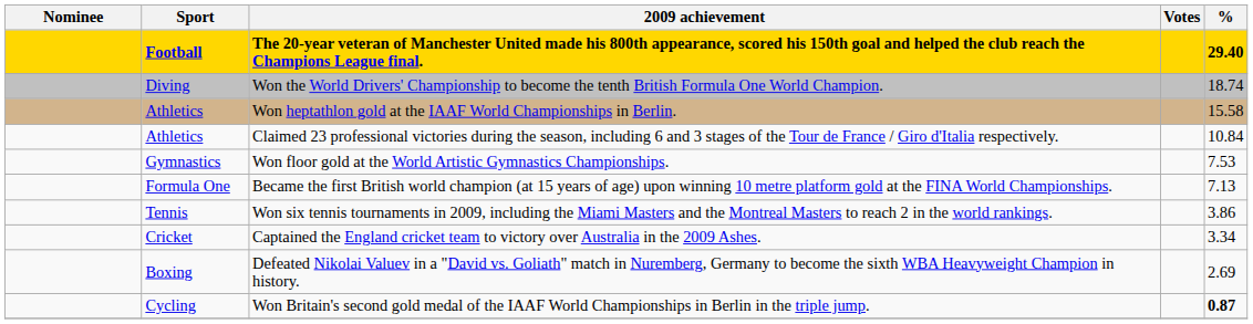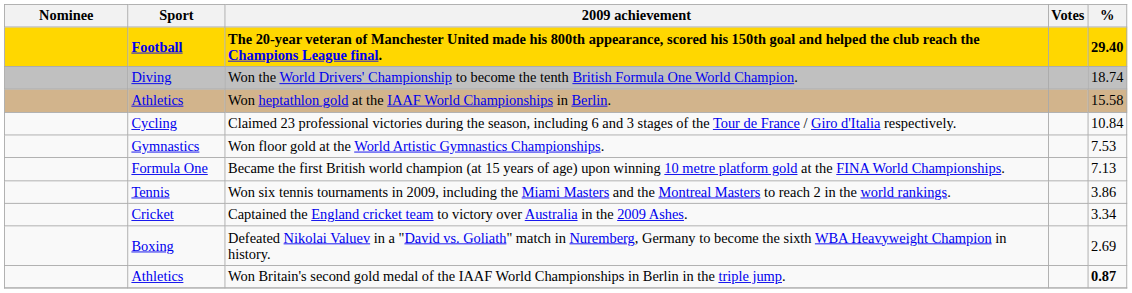 <table class="wikitable sortable">
 <tr>
 <th scope="col" width="130">Nominee</th>
 <th scope="col" width="100">Sport</th>
 <th scope="col" class="unsortable">2009 achievement</th>
 <th scope="col">Votes</th>
 <th scope="col">%</th>
 </tr>
 <tr style="font-weight:bold; background:gold;">
 <td></td>
 <td><a href='#'>Football</a></td>
 <td>The 20-year veteran of <strong>Manchester United</strong> made his 800th appearance, scored his 150th goal and helped the club reach the <a href='#'>Champions League final</a>.</td>
 <td></td>
 <td>29.40</td>
 </tr>
 <tr style="background:silver;">
 <td></td>
 <td><a href='#'>Diving</a></td>
 <td>Won the <a href='#'>World Drivers' Championship</a> to become the tenth <a href='#'>British Formula One World Champion</a>.</td>
 <td></td>
 <td>18.74</td>
 </tr>
 <tr style="background:tan;">
 <td></td>
 <td><a href='#'>Athletics</a></td>
 <td>Won <a href='#'>heptathlon gold</a> at the <a href='#'>IAAF World Championships</a> in <a href='#'>Berlin</a>.</td>
 <td></td>
 <td>15.58</td>
 </tr>
 <tr>
 <td></td>
-<td><a href='#'>Athletics</a></td>
+<td><a href='#'>Cycling</a></td>
 <td>Claimed 23 professional victories during the season, including 6 and 3 stages of the <a href='#'>Tour de France</a> / <a href='#'>Giro d'Italia</a> respectively.</td>
 <td></td>
 <td>10.84</td>
 </tr>
 <tr>
 <td></td>
 <td><a href='#'>Gymnastics</a></td>
 <td>Won floor gold at the <a href='#'>World Artistic Gymnastics Championships</a>.</td>
 <td></td>
 <td>7.53</td>
 </tr>
 <tr>
 <td></td>
 <td><a href='#'>Formula One</a></td>
 <td>Became the first British world champion (at 15 years of age) upon winning <a href='#'>10 metre platform gold</a> at the <a href='#'>FINA World Championships</a>.</td>
 <td></td>
 <td>7.13</td>
 </tr>
 <tr>
 <td></td>
 <td><a href='#'>Tennis</a></td>
 <td>Won six tennis tournaments in 2009, including the <a href='#'>Miami Masters</a> and the <a href='#'>Montreal Masters</a> to reach  2 in the <a href='#'>world rankings</a>.</td>
 <td></td>
 <td>3.86</td>
 </tr>
 <tr>
 <td></td>
 <td><a href='#'>Cricket</a></td>
 <td>Captained the <a href='#'>England cricket team</a> to victory over <a href='#'>Australia</a> in the <a href='#'>2009 Ashes</a>.</td>
 <td></td>
 <td>3.34</td>
 </tr>
 <tr>
 <td></td>
 <td><a href='#'>Boxing</a></td>
 <td>Defeated <a href='#'>Nikolai Valuev</a> in a "<a href='#'>David vs. Goliath</a>" match in <a href='#'>Nuremberg</a>, Germany to become the sixth <a href='#'>WBA Heavyweight Champion</a> in history.</td>
 <td></td>
 <td>2.69</td>
 </tr>
 <tr>
 <td></td>
-<td><a href='#'>Cycling</a></td>
+<td><a href='#'>Athletics</a></td>
 <td>Won Britain's second gold medal of the IAAF World Championships in Berlin in the <a href='#'>triple jump</a>.</td>
 <td></td>
 <td><strong>0.87</strong></td>
 </tr>
 <tr>
 </tr>
 </table>
